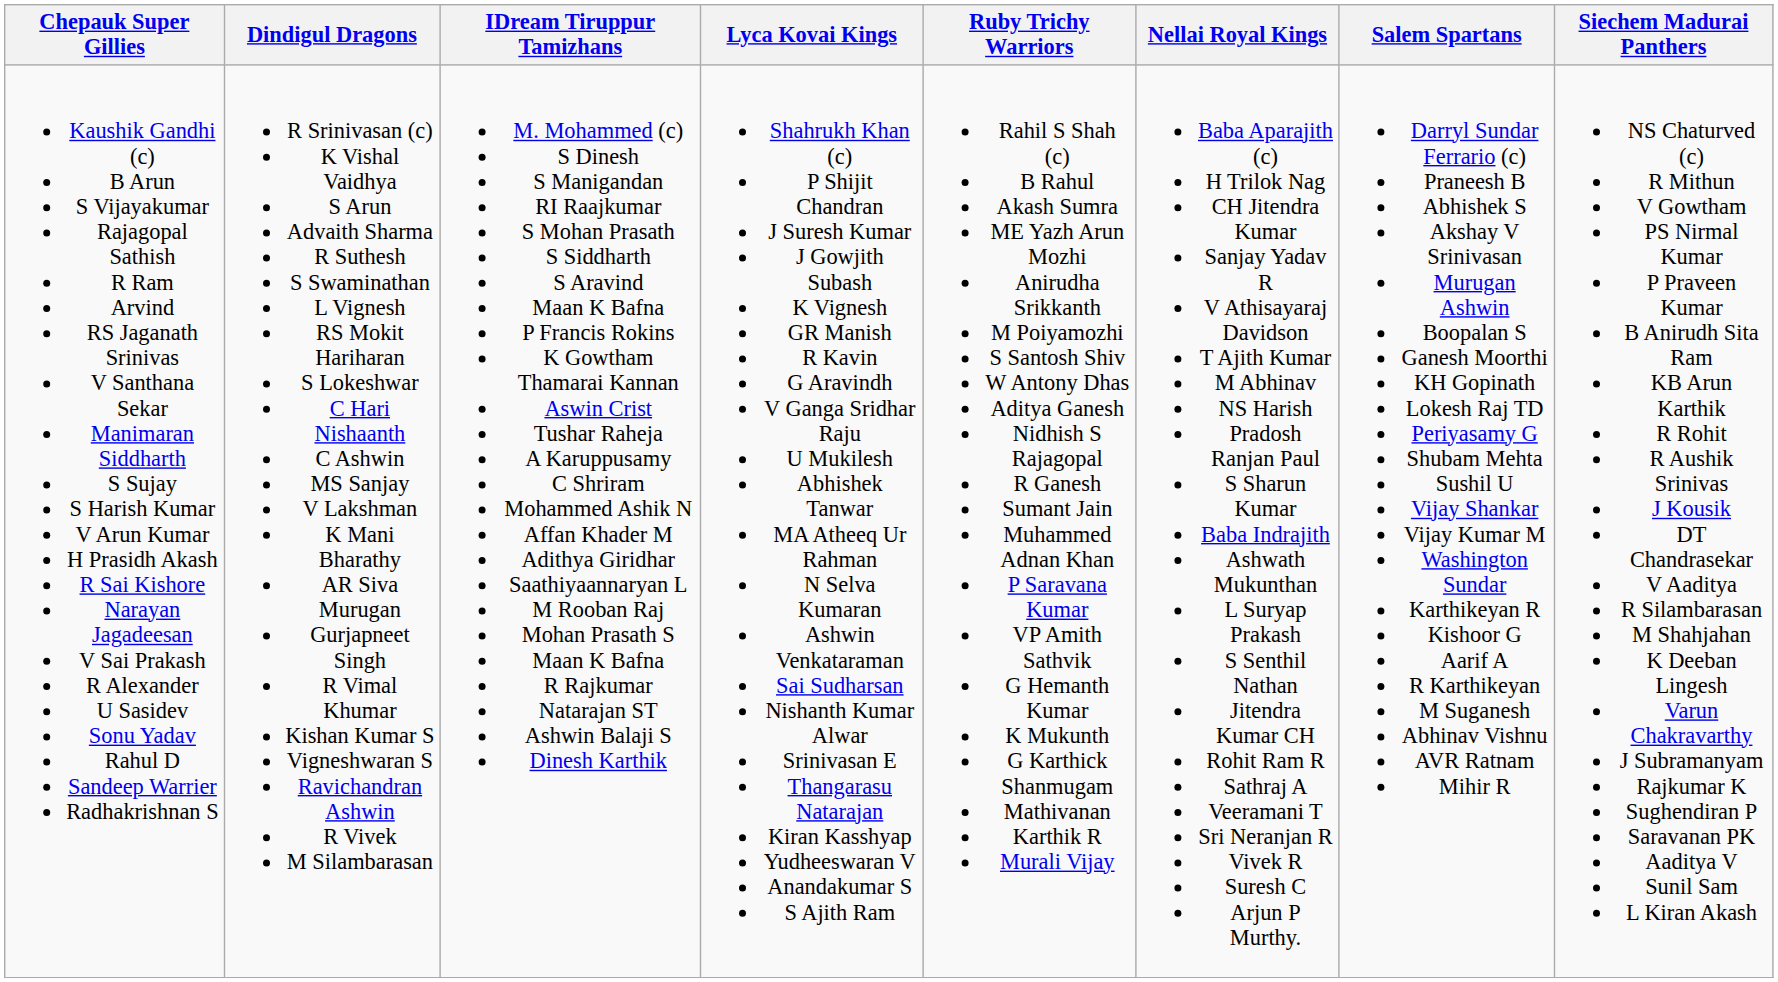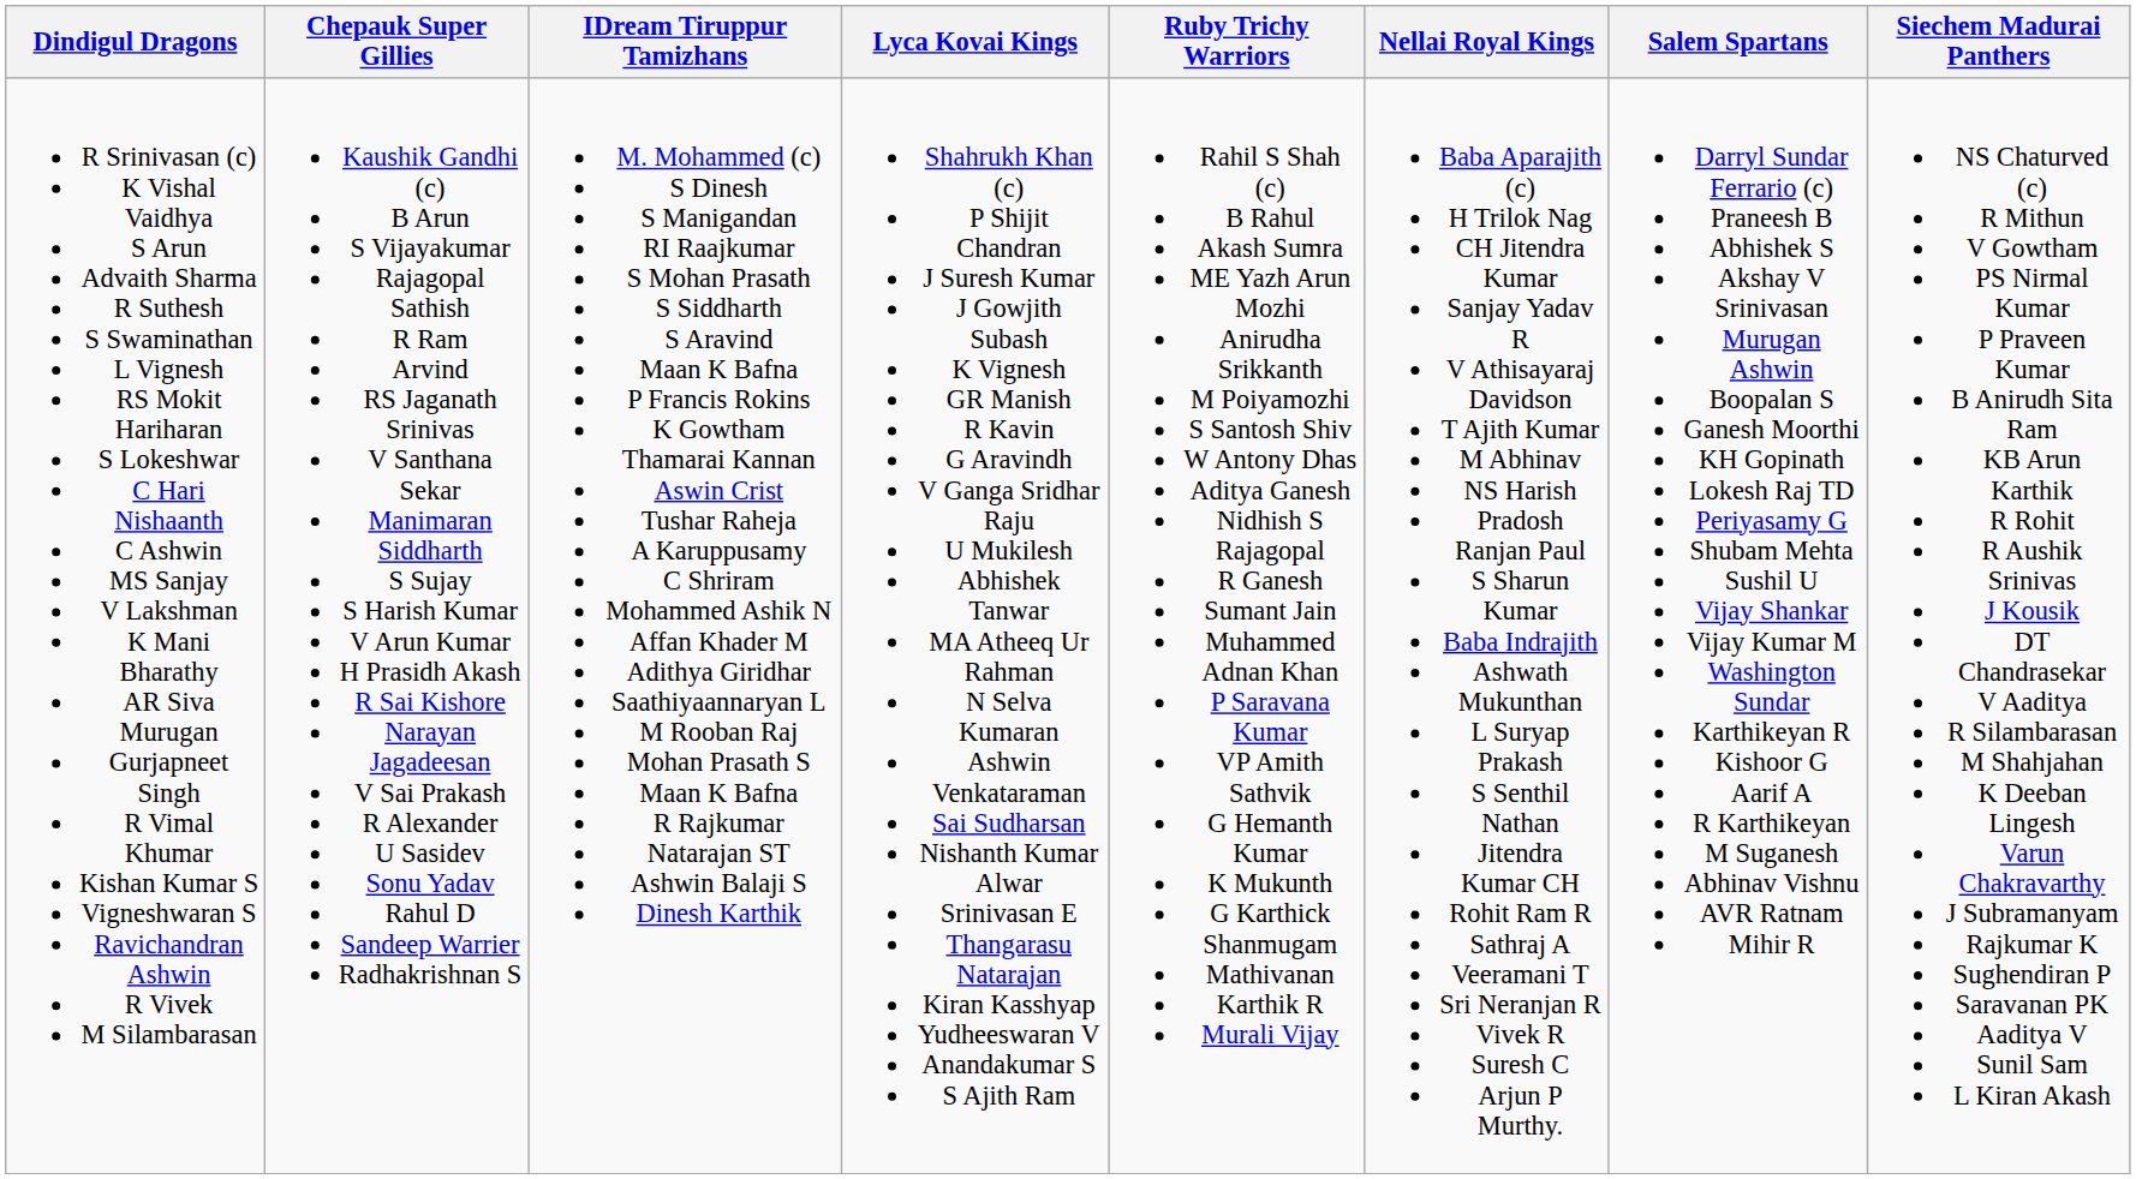 <table class="wikitable" style="text-align:center; margin:auto">
 <tr>
+<th><a href='#'>Dindigul Dragons</a></th>
 <th><a href='#'>Chepauk Super Gillies</a></th>
-<th><a href='#'>Dindigul Dragons</a></th>
 <th><a href='#'>IDream Tiruppur Tamizhans</a></th>
 <th><a href='#'>Lyca Kovai Kings</a></th>
 <th><a href='#'>Ruby Trichy Warriors</a></th>
 <th><a href='#'>Nellai Royal Kings</a></th>
 <th><a href='#'>Salem Spartans</a></th>
 <th><a href='#'>Siechem Madurai Panthers</a></th>
 </tr>
 <tr style="vertical-align:top">
+<td><br><ul><li>R Srinivasan (c)</li><li>K Vishal Vaidhya</li><li>S Arun</li><li>Advaith Sharma</li><li>R Suthesh</li><li>S Swaminathan</li><li>L Vignesh</li><li>RS Mokit Hariharan</li><li>S Lokeshwar</li><li><a href='#'>C Hari Nishaanth</a></li><li>C Ashwin</li><li>MS Sanjay</li><li>V Lakshman</li><li>K Mani Bharathy</li><li>AR Siva Murugan</li><li>Gurjapneet Singh</li><li>R Vimal Khumar</li><li>Kishan Kumar S</li><li>Vigneshwaran S</li><li><a href='#'>Ravichandran Ashwin</a></li><li>R Vivek</li><li>M Silambarasan</li></ul></td>
 <td><br><ul><li><a href='#'>Kaushik Gandhi</a> (c)</li><li>B Arun</li><li>S Vijayakumar</li><li>Rajagopal Sathish</li><li>R Ram</li><li>Arvind</li><li>RS Jaganath Srinivas</li><li>V Santhana Sekar</li><li><a href='#'>Manimaran Siddharth</a></li><li>S Sujay</li><li>S Harish Kumar</li><li>V Arun Kumar</li><li>H Prasidh Akash</li><li><a href='#'>R Sai Kishore</a></li><li><a href='#'>Narayan Jagadeesan</a></li><li>V Sai Prakash</li><li>R Alexander</li><li>U Sasidev</li><li><a href='#'>Sonu Yadav</a></li><li>Rahul D</li><li><a href='#'>Sandeep Warrier</a></li><li>Radhakrishnan S</li></ul></td>
-<td><br><ul><li>R Srinivasan (c)</li><li>K Vishal Vaidhya</li><li>S Arun</li><li>Advaith Sharma</li><li>R Suthesh</li><li>S Swaminathan</li><li>L Vignesh</li><li>RS Mokit Hariharan</li><li>S Lokeshwar</li><li><a href='#'>C Hari Nishaanth</a></li><li>C Ashwin</li><li>MS Sanjay</li><li>V Lakshman</li><li>K Mani Bharathy</li><li>AR Siva Murugan</li><li>Gurjapneet Singh</li><li>R Vimal Khumar</li><li>Kishan Kumar S</li><li>Vigneshwaran S</li><li><a href='#'>Ravichandran Ashwin</a></li><li>R Vivek</li><li>M Silambarasan</li></ul></td>
 <td><br><ul><li><a href='#'>M. Mohammed</a> (c)</li><li>S Dinesh</li><li>S Manigandan</li><li>RI Raajkumar</li><li>S Mohan Prasath</li><li>S Siddharth</li><li>S Aravind</li><li>Maan K Bafna</li><li>P Francis Rokins</li><li>K Gowtham Thamarai Kannan</li><li><a href='#'>Aswin Crist</a></li><li>Tushar Raheja</li><li>A Karuppusamy</li><li>C Shriram</li><li>Mohammed Ashik N</li><li>Affan Khader M</li><li>Adithya Giridhar</li><li>Saathiyaannaryan L</li><li>M Rooban Raj</li><li>Mohan Prasath S</li><li>Maan K Bafna</li><li>R Rajkumar</li><li>Natarajan ST</li><li>Ashwin Balaji S</li><li><a href='#'>Dinesh Karthik</a></li></ul></td>
 <td><br><ul><li><a href='#'>Shahrukh Khan</a> (c)</li><li>P Shijit Chandran</li><li>J Suresh Kumar</li><li>J Gowjith Subash</li><li>K Vignesh</li><li>GR Manish</li><li>R Kavin</li><li>G Aravindh</li><li>V Ganga Sridhar Raju</li><li>U Mukilesh</li><li>Abhishek Tanwar</li><li>MA Atheeq Ur Rahman</li><li>N Selva Kumaran</li><li>Ashwin Venkataraman</li><li><a href='#'>Sai Sudharsan</a></li><li>Nishanth Kumar Alwar</li><li>Srinivasan E</li><li><a href='#'>Thangarasu Natarajan</a></li><li>Kiran Kasshyap</li><li>Yudheeswaran V</li><li>Anandakumar S</li><li>S Ajith Ram</li></ul></td>
 <td><br><ul><li>Rahil S Shah (c)</li><li>B Rahul</li><li>Akash Sumra</li><li>ME Yazh Arun Mozhi</li><li>Anirudha Srikkanth</li><li>M Poiyamozhi</li><li>S Santosh Shiv</li><li>W Antony Dhas</li><li>Aditya Ganesh</li><li>Nidhish S Rajagopal</li><li>R Ganesh</li><li>Sumant Jain</li><li>Muhammed Adnan Khan</li><li><a href='#'>P Saravana Kumar</a></li><li>VP Amith Sathvik</li><li>G Hemanth Kumar</li><li>K Mukunth</li><li>G Karthick Shanmugam</li><li>Mathivanan</li><li>Karthik R</li><li><a href='#'>Murali Vijay</a></li></ul></td>
 <td><br><ul><li><a href='#'>Baba Aparajith</a> (c)</li><li>H Trilok Nag</li><li>CH Jitendra Kumar</li><li>Sanjay Yadav R</li><li>V Athisayaraj Davidson</li><li>T Ajith Kumar</li><li>M Abhinav</li><li>NS Harish</li><li>Pradosh Ranjan Paul</li><li>S Sharun Kumar</li><li><a href='#'>Baba Indrajith</a></li><li>Ashwath Mukunthan</li><li>L Suryap Prakash</li><li>S Senthil Nathan</li><li>Jitendra Kumar CH</li><li>Rohit Ram R</li><li>Sathraj A</li><li>Veeramani T</li><li>Sri Neranjan R</li><li>Vivek R</li><li>Suresh C</li><li>Arjun P Murthy.</li></ul></td>
 <td><br><ul><li><a href='#'>Darryl Sundar Ferrario</a> (c)</li><li>Praneesh B</li><li>Abhishek S</li><li>Akshay V Srinivasan</li><li><a href='#'>Murugan Ashwin</a></li><li>Boopalan S</li><li>Ganesh Moorthi</li><li>KH Gopinath</li><li>Lokesh Raj TD</li><li><a href='#'>Periyasamy G</a></li><li>Shubam Mehta</li><li>Sushil U</li><li><a href='#'>Vijay Shankar</a></li><li>Vijay Kumar M</li><li><a href='#'>Washington Sundar</a></li><li>Karthikeyan R</li><li>Kishoor G</li><li>Aarif A</li><li>R Karthikeyan</li><li>M Suganesh</li><li>Abhinav Vishnu</li><li>AVR Ratnam</li><li>Mihir R</li></ul></td>
 <td><br><ul><li>NS Chaturved (c)</li><li>R Mithun</li><li>V Gowtham</li><li>PS Nirmal Kumar</li><li>P Praveen Kumar</li><li>B Anirudh Sita Ram</li><li>KB Arun Karthik</li><li>R Rohit</li><li>R Aushik Srinivas</li><li><a href='#'>J Kousik</a></li><li>DT Chandrasekar</li><li>V Aaditya</li><li>R Silambarasan</li><li>M Shahjahan</li><li>K Deeban Lingesh</li><li><a href='#'>Varun Chakravarthy</a></li><li>J Subramanyam</li><li>Rajkumar K</li><li>Sughendiran P</li><li>Saravanan PK</li><li>Aaditya V</li><li>Sunil Sam</li><li>L Kiran Akash</li></ul></td>
 </tr>
 </table>
